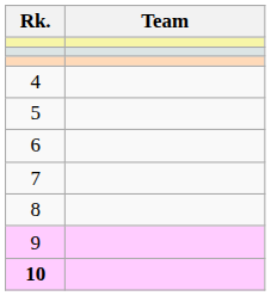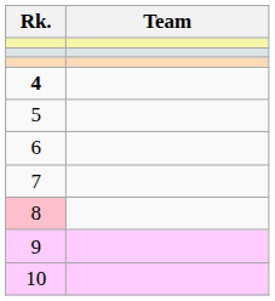 <table class="wikitable" style="border:1px solid #AAAAAA">
 <tr bgcolor="#E4E4E4">
 <th style="border-bottom:1px solid #AAAAAA" width=40>Rk.</th>
 <th style="border-bottom:1px solid #AAAAAA" width=150>Team</th>
 </tr>
 <tr bgcolor="#F7F6A8">
 <td align="center"></td>
 <td></td>
 </tr>
 <tr bgcolor="#DCE5E5">
 <td align="center"></td>
 <td></td>
 </tr>
 <tr bgcolor="#FFDAB9">
 <td align="center"></td>
 <td></td>
 </tr>
 <tr>
-<td align="center">4</td>
+<td align="center"><strong>4</strong></td>
 <td></td>
 </tr>
 <tr>
 <td align="center">5</td>
 <td></td>
 </tr>
 <tr>
 <td align="center">6</td>
 <td></td>
 </tr>
 <tr>
 <td align="center">7</td>
 <td></td>
 </tr>
 <tr>
-<td align="center">8</td>
+<td align="center" style="background: pink;">8</td>
 <td></td>
 </tr>
 <tr style="background:#ffccff;">
 <td align="center">9</td>
 <td></td>
 </tr>
 <tr style="background:#ffccff;">
-<td align="center"><strong>10</strong></td>
+<td align="center">10</td>
 <td></td>
 </tr>
 </table>
